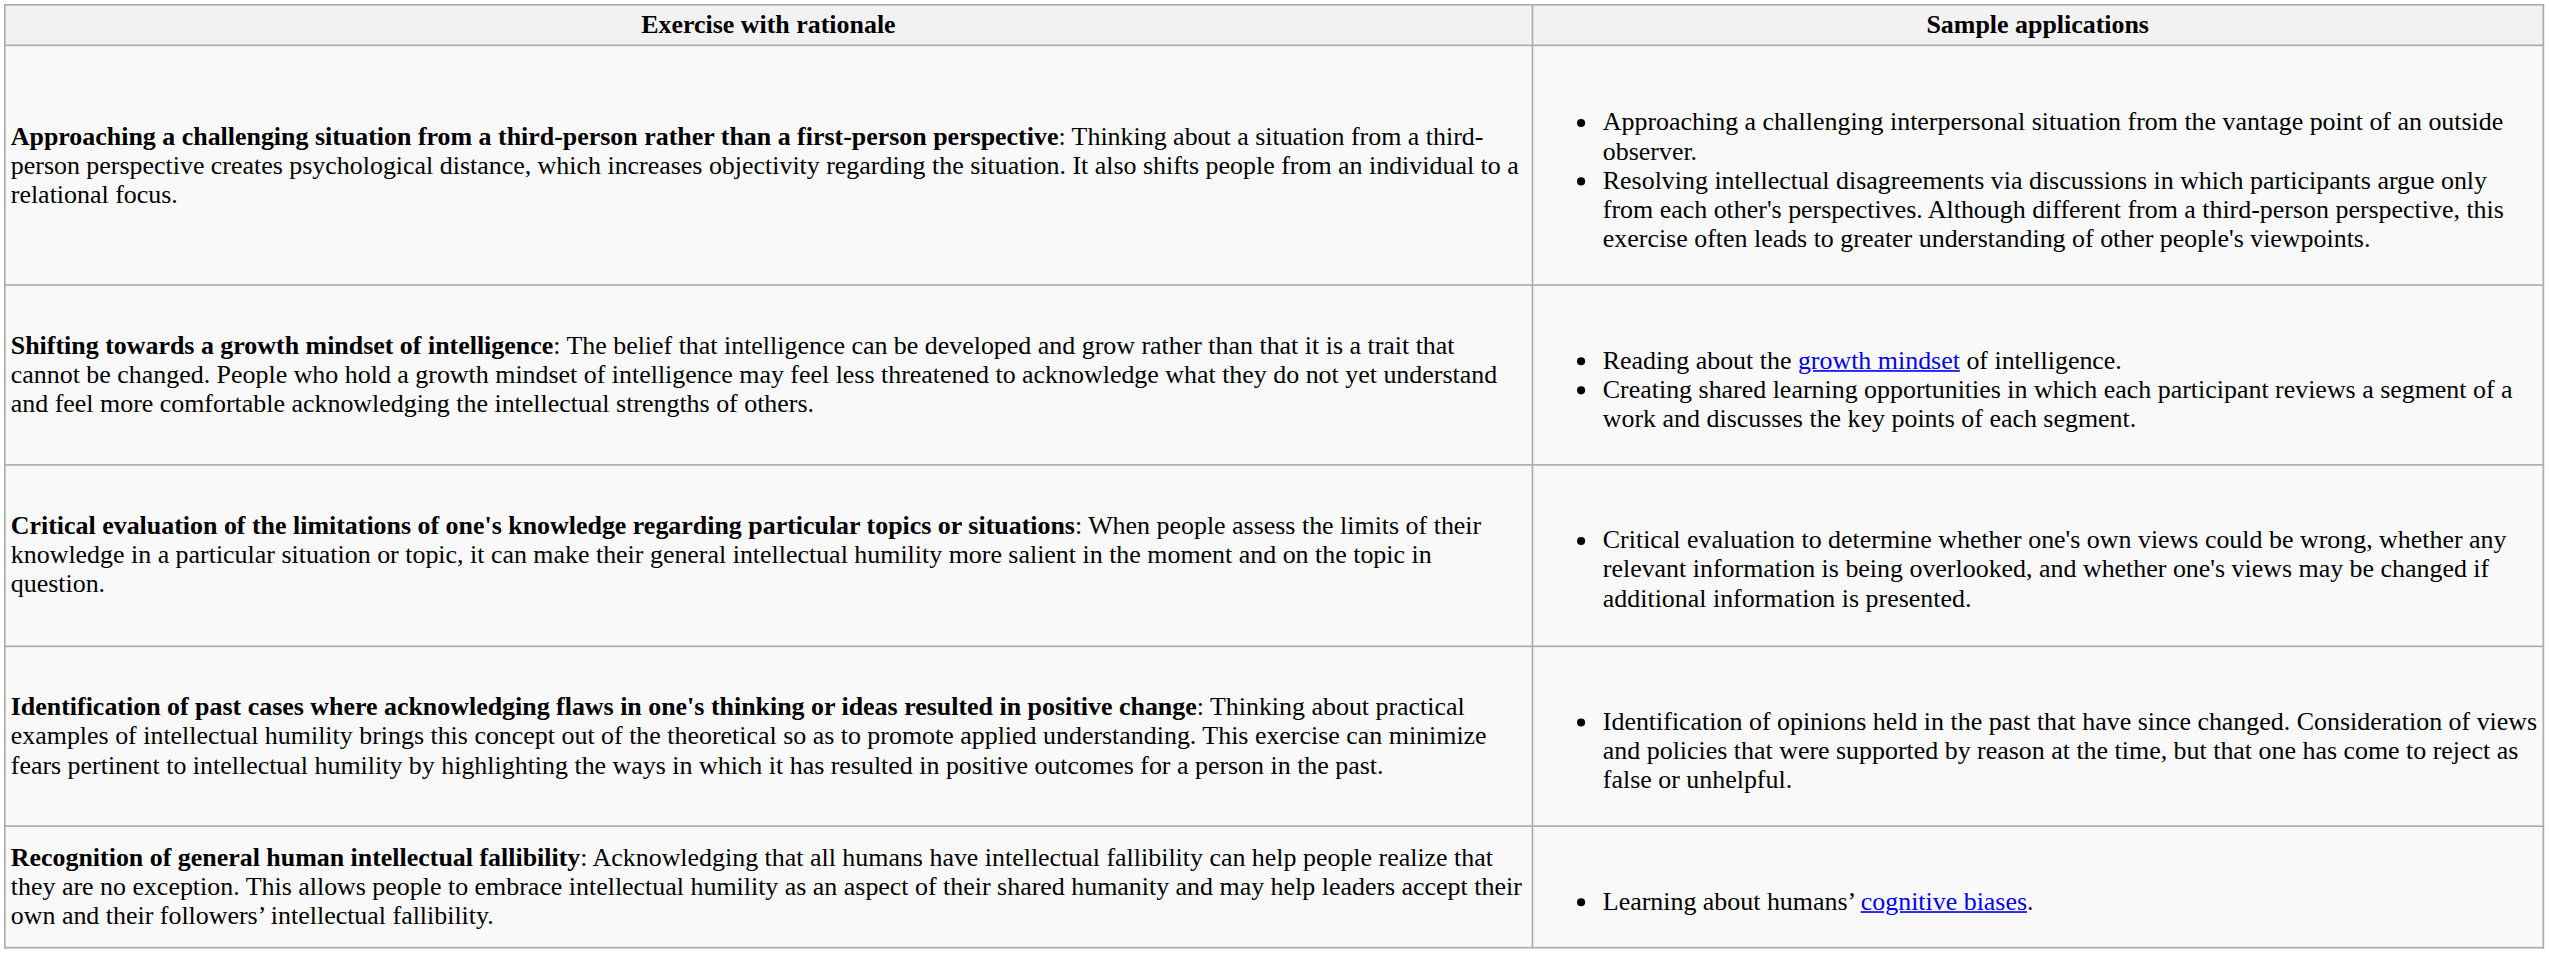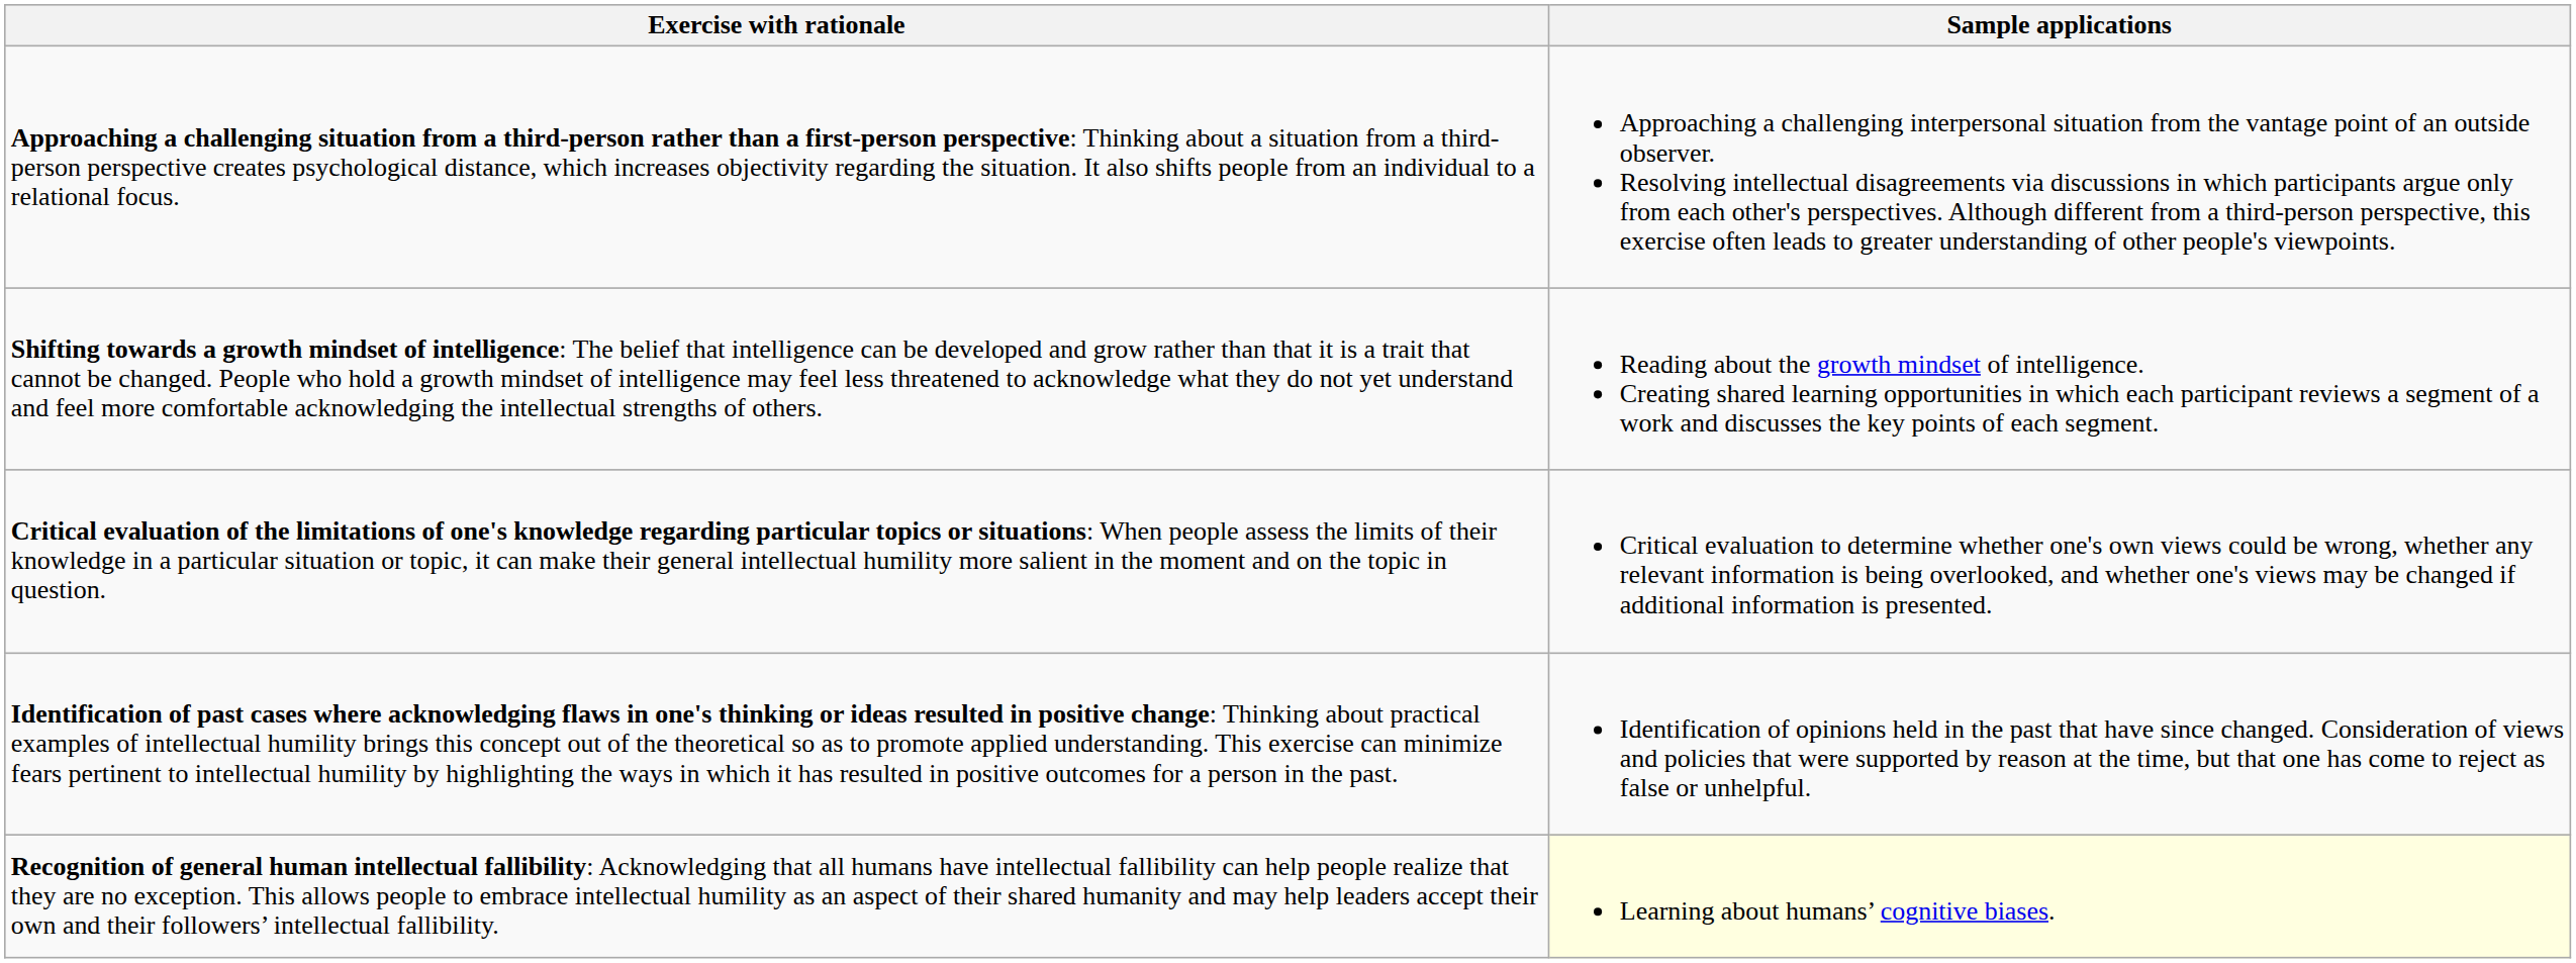 <table class="wikitable">
 <tr>
 <th>Exercise with rationale</th>
 <th>Sample applications</th>
 </tr>
 <tr>
 <td><strong>Approaching a challenging situation from a third-person rather than a first-person perspective</strong>: Thinking about a situation from a third-person perspective creates psychological distance, which increases objectivity regarding the situation. It also shifts people from an individual to a relational focus.</td>
 <td><br><ul><li>Approaching a challenging interpersonal situation from the vantage point of an outside observer.</li><li>Resolving intellectual disagreements via discussions in which participants argue only from each other's perspectives. Although different from a third-person perspective, this exercise often leads to greater understanding of other people's viewpoints.</li></ul></td>
 </tr>
 <tr>
 <td><strong>Shifting towards a growth mindset of intelligence</strong>: The belief that intelligence can be developed and grow rather than that it is a trait that cannot be changed. People who hold a growth mindset of intelligence may feel less threatened to acknowledge what they do not yet understand and feel more comfortable acknowledging the intellectual strengths of others.</td>
 <td><br><ul><li>Reading about the <a href='#'>growth mindset</a> of intelligence.</li><li>Creating shared learning opportunities in which each participant reviews a segment of a work and discusses the key points of each segment.</li></ul></td>
 </tr>
 <tr>
 <td><strong>Critical evaluation of the limitations of one's knowledge regarding particular topics or situations</strong>: When people assess the limits of their knowledge in a particular situation or topic, it can make their general intellectual humility more salient in the moment and on the topic in question.</td>
 <td><br><ul><li>Critical evaluation to determine whether one's own views could be wrong, whether any relevant information is being overlooked, and whether one's views may be changed if additional information is presented.</li></ul></td>
 </tr>
 <tr>
 <td><strong>Identification of past cases where acknowledging flaws in one's thinking or ideas resulted in positive change</strong>: Thinking about practical examples of intellectual humility brings this concept out of the theoretical so as to promote applied understanding. This exercise can minimize fears pertinent to intellectual humility by highlighting the ways in which it has resulted in positive outcomes for a person in the past.</td>
 <td><br><ul><li>Identification of opinions held in the past that have since changed. Consideration of views and policies that were supported by reason at the time, but that one has come to reject as false or unhelpful.</li></ul></td>
 </tr>
 <tr>
 <td><strong>Recognition of general human intellectual fallibility</strong>: Acknowledging that all humans have intellectual fallibility can help people realize that they are no exception. This allows people to embrace intellectual humility as an aspect of their shared humanity and may help leaders accept their own and their followers’ intellectual fallibility.</td>
-<td><br><ul><li>Learning about humans’ <a href='#'>cognitive biases</a>.</li></ul></td>
+<td style="background: lightyellow;"><br><ul><li>Learning about humans’ <a href='#'>cognitive biases</a>.</li></ul></td>
 </tr>
 </table>
